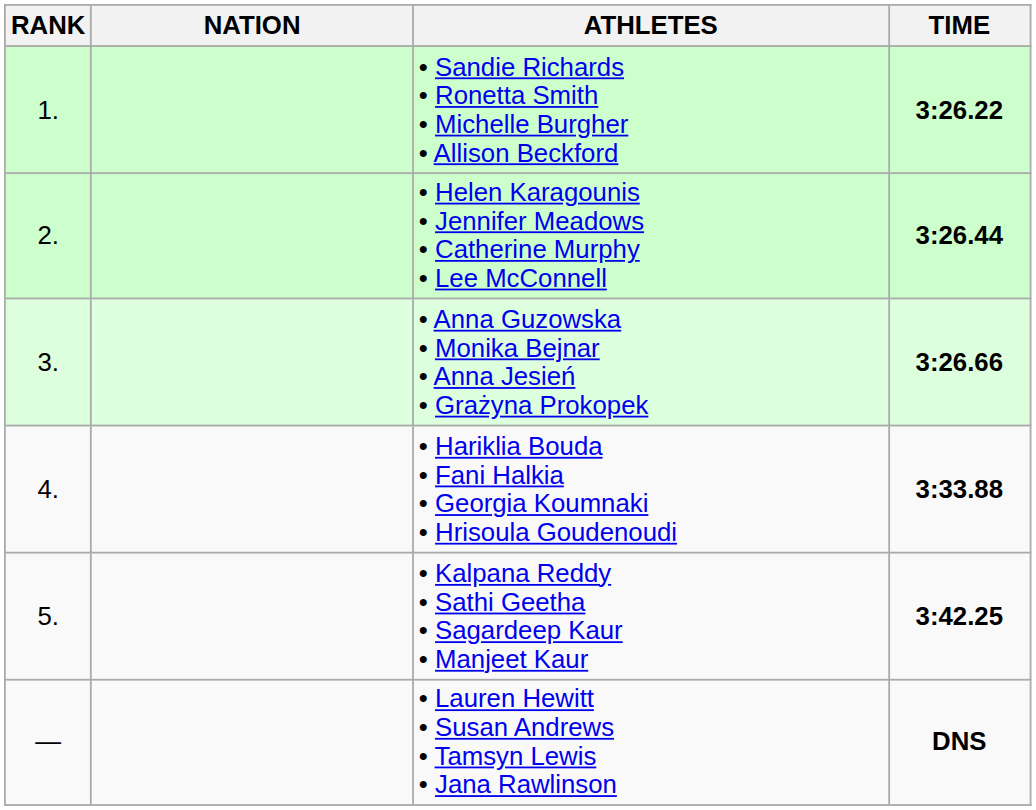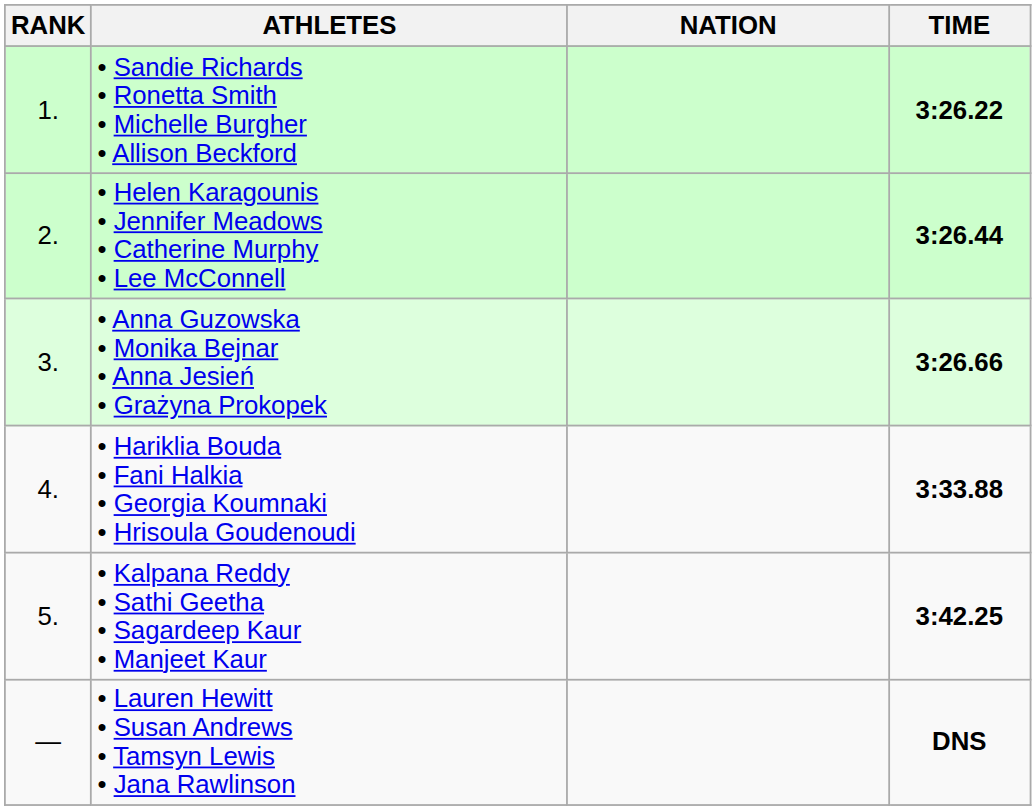 <table class="wikitable" style="border-collapse: collapse; font-size: 90%;">
 <tr>
 <th>RANK</th>
+<th style="width: 18em">ATHLETES</th>
 <th style="width: 12em">NATION</th>
-<th style="width: 18em">ATHLETES</th>
 <th style="width: 5em">TIME</th>
 </tr>
 <tr style="background:#ccffcc;">
 <td align="center">1.</td>
+<td>• <a href='#'>Sandie Richards</a><br>• <a href='#'>Ronetta Smith</a><br>• <a href='#'>Michelle Burgher</a><br>• <a href='#'>Allison Beckford</a></td>
 <td align="center"></td>
-<td>• <a href='#'>Sandie Richards</a><br>• <a href='#'>Ronetta Smith</a><br>• <a href='#'>Michelle Burgher</a><br>• <a href='#'>Allison Beckford</a></td>
 <td align="center"><strong>3:26.22</strong></td>
 </tr>
 <tr style="background:#ccffcc;">
 <td align="center">2.</td>
+<td>• <a href='#'>Helen Karagounis</a><br>• <a href='#'>Jennifer Meadows</a><br>• <a href='#'>Catherine Murphy</a><br>• <a href='#'>Lee McConnell</a></td>
 <td align="center"></td>
-<td>• <a href='#'>Helen Karagounis</a><br>• <a href='#'>Jennifer Meadows</a><br>• <a href='#'>Catherine Murphy</a><br>• <a href='#'>Lee McConnell</a></td>
 <td align="center"><strong>3:26.44</strong></td>
 </tr>
 <tr style="background:#ddffdd;">
 <td align="center">3.</td>
+<td>• <a href='#'>Anna Guzowska</a><br>• <a href='#'>Monika Bejnar</a><br>• <a href='#'>Anna Jesień</a><br>• <a href='#'>Grażyna Prokopek</a></td>
 <td align="center"></td>
-<td>• <a href='#'>Anna Guzowska</a><br>• <a href='#'>Monika Bejnar</a><br>• <a href='#'>Anna Jesień</a><br>• <a href='#'>Grażyna Prokopek</a></td>
 <td align="center"><strong>3:26.66</strong></td>
 </tr>
 <tr>
 <td align="center">4.</td>
+<td>• <a href='#'>Hariklia Bouda</a><br>• <a href='#'>Fani Halkia</a><br>• <a href='#'>Georgia Koumnaki</a><br>• <a href='#'>Hrisoula Goudenoudi</a></td>
 <td align="center"></td>
-<td>• <a href='#'>Hariklia Bouda</a><br>• <a href='#'>Fani Halkia</a><br>• <a href='#'>Georgia Koumnaki</a><br>• <a href='#'>Hrisoula Goudenoudi</a></td>
 <td align="center"><strong>3:33.88</strong></td>
 </tr>
 <tr>
 <td align="center">5.</td>
+<td>• <a href='#'>Kalpana Reddy</a><br>• <a href='#'>Sathi Geetha</a><br>• <a href='#'>Sagardeep Kaur</a><br>• <a href='#'>Manjeet Kaur</a></td>
 <td align="center"></td>
-<td>• <a href='#'>Kalpana Reddy</a><br>• <a href='#'>Sathi Geetha</a><br>• <a href='#'>Sagardeep Kaur</a><br>• <a href='#'>Manjeet Kaur</a></td>
 <td align="center"><strong>3:42.25</strong></td>
 </tr>
 <tr>
 <td align="center">—</td>
+<td>• <a href='#'>Lauren Hewitt</a><br>• <a href='#'>Susan Andrews</a><br>• <a href='#'>Tamsyn Lewis</a><br>• <a href='#'>Jana Rawlinson</a></td>
 <td align="center"></td>
-<td>• <a href='#'>Lauren Hewitt</a><br>• <a href='#'>Susan Andrews</a><br>• <a href='#'>Tamsyn Lewis</a><br>• <a href='#'>Jana Rawlinson</a></td>
 <td align="center"><strong>DNS</strong></td>
 </tr>
 </table>
